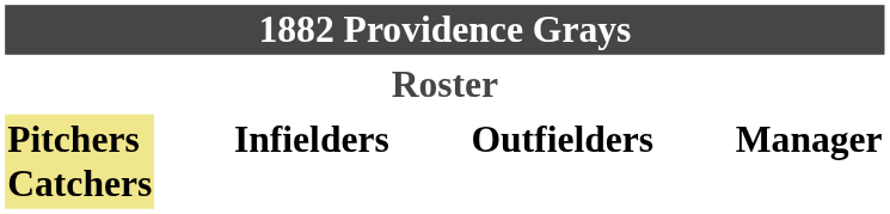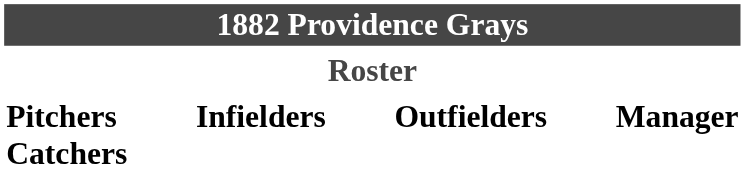 <table class="toccolours" style="font-size: 95%;">
 <tr>
 <th colspan="10" style="background-color: #464646; color: white; text-align: center;">1882 Providence Grays</th>
 </tr>
 <tr>
 <td colspan="10" style="background-color: white; color: #464646; text-align: center;"><strong>Roster</strong></td>
 </tr>
 <tr>
-<td valign="top" style="background: khaki;"><strong>Pitchers</strong><br> <strong>Catchers</strong>   </td>
+<td valign="top"><strong>Pitchers</strong><br> <strong>Catchers</strong>   </td>
 <td width="25px"></td>
 <td valign="top"><strong>Infielders</strong><br>      </td>
 <td width="25px"></td>
 <td valign="top"><strong>Outfielders</strong><br>    </td>
 <td width="25px"></td>
 <td valign="top"><strong>Manager</strong><br></td>
 </tr>
 </table>
